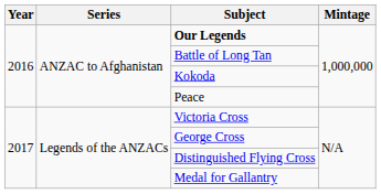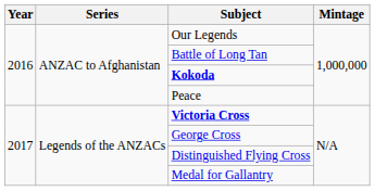 <table class="wikitable">
 <tr>
 <th>Year</th>
 <th>Series</th>
 <th>Subject</th>
 <th>Mintage</th>
 </tr>
 <tr>
 <td rowspan="4">2016</td>
 <td rowspan="4">ANZAC to Afghanistan</td>
-<td><strong>Our Legends</strong></td>
+<td>Our Legends</td>
 <td rowspan="4">1,000,000</td>
 </tr>
 <tr>
 <td><a href='#'>Battle of Long Tan</a></td>
 </tr>
 <tr>
-<td><a href='#'>Kokoda</a></td>
+<td><strong><a href='#'>Kokoda</a></strong></td>
 </tr>
 <tr>
 <td>Peace</td>
 </tr>
 <tr>
 <td rowspan="4">2017</td>
 <td rowspan="4">Legends of the ANZACs</td>
-<td><a href='#'>Victoria Cross</a></td>
+<td><strong><a href='#'>Victoria Cross</a></strong></td>
 <td rowspan="4">N/A</td>
 </tr>
 <tr>
 <td><a href='#'>George Cross</a></td>
 </tr>
 <tr>
 <td><a href='#'>Distinguished Flying Cross</a></td>
 </tr>
 <tr>
 <td><a href='#'>Medal for Gallantry</a></td>
 </tr>
 </table>
